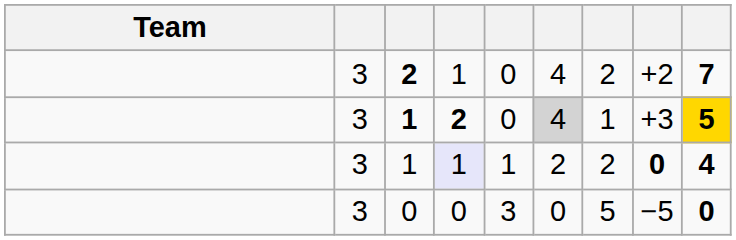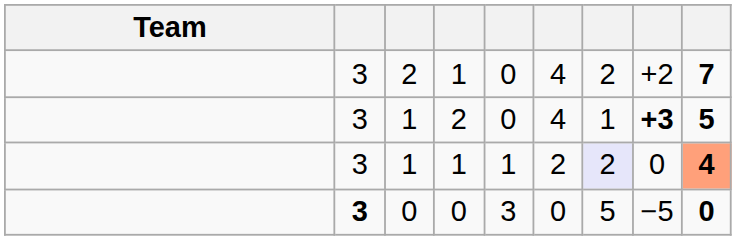 <table class="wikitable" style="text-align:center">
 <tr>
 <th width=175>Team</th>
 <th width=20></th>
 <th width=20></th>
 <th width=20></th>
 <th width=20></th>
 <th width=20></th>
 <th width=20></th>
 <th width=20></th>
 <th width=20></th>
 </tr>
 <tr>
 <td align=left></td>
 <td>3</td>
-<td><strong>2</strong></td>
+<td>2</td>
 <td>1</td>
 <td>0</td>
 <td>4</td>
 <td>2</td>
 <td>+2</td>
 <td><strong>7</strong></td>
 </tr>
 <tr>
 <td align=left></td>
 <td>3</td>
-<td><strong>1</strong></td>
-<td><strong>2</strong></td>
+<td>1</td>
+<td>2</td>
 <td>0</td>
-<td style="background: lightgrey;">4</td>
+<td>4</td>
 <td>1</td>
-<td>+3</td>
-<td style="background: gold;"><strong>5</strong></td>
+<td><strong>+3</strong></td>
+<td><strong>5</strong></td>
 </tr>
 <tr>
 <td align=left></td>
 <td>3</td>
 <td>1</td>
-<td style="background: lavender;">1</td>
+<td>1</td>
 <td>1</td>
 <td>2</td>
-<td>2</td>
-<td><strong>0</strong></td>
-<td><strong>4</strong></td>
+<td style="background: lavender;">2</td>
+<td>0</td>
+<td style="background: lightsalmon;"><strong>4</strong></td>
 </tr>
 <tr>
 <td align=left></td>
-<td>3</td>
+<td><strong>3</strong></td>
 <td>0</td>
 <td>0</td>
 <td>3</td>
 <td>0</td>
 <td>5</td>
 <td>−5</td>
 <td><strong>0</strong></td>
 </tr>
 </table>
